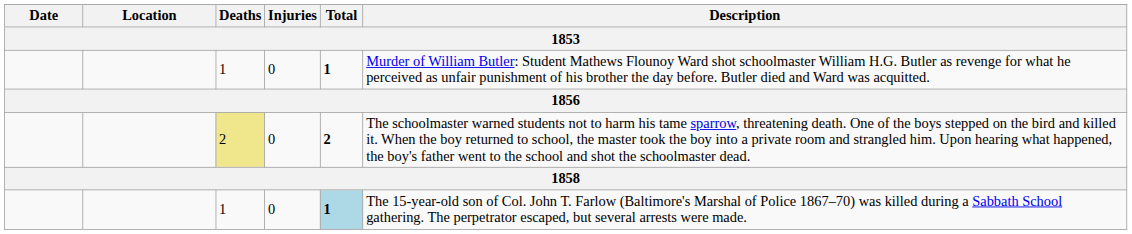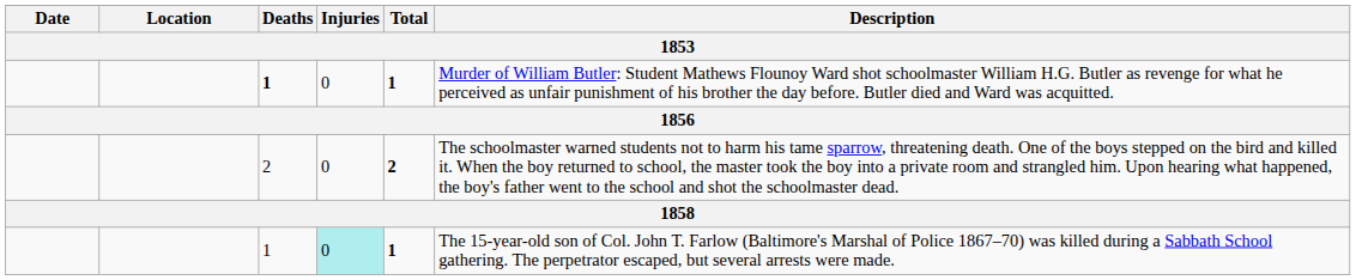 <table class="sortable wikitable" style="font-size:100%;" id="1850s">
 <tr>
 </tr>
 <tr>
 <th style="width:80px;">Date</th>
 <th style="width:140px;">Location</th>
 <th style="width:40px;">Deaths</th>
 <th style="width:40px;">Injuries</th>
 <th style="width:40px;">Total</th>
 <th class="unsortable">Description</th>
 </tr>
 <tr>
 <th colspan="6">1853 </th>
 </tr>
 <tr>
 <td></td>
 <td></td>
-<td>1</td>
+<td><strong>1</strong></td>
 <td>0</td>
 <td><strong>1</strong></td>
 <td><a href='#'>Murder of William Butler</a>: Student Mathews Flounoy Ward shot schoolmaster William H.G. Butler as revenge for what he perceived as unfair punishment of his brother the day before. Butler died and Ward was acquitted.</td>
 </tr>
 <tr>
 <th colspan="6">1856 </th>
 </tr>
 <tr>
 <td></td>
 <td></td>
-<td style="background: khaki;">2</td>
+<td>2</td>
 <td>0</td>
 <td><strong>2</strong></td>
 <td>The schoolmaster warned students not to harm his tame <a href='#'>sparrow</a>, threatening death. One of the boys stepped on the bird and killed it. When the boy returned to school, the master took the boy into a private room and strangled him. Upon hearing what happened, the boy's father went to the school and shot the schoolmaster dead.</td>
 </tr>
 <tr>
 <th colspan="6">1858 </th>
 </tr>
 <tr>
 <td></td>
 <td></td>
 <td>1</td>
-<td>0</td>
-<td style="background: lightblue;"><strong>1</strong></td>
+<td style="background: paleturquoise;">0</td>
+<td><strong>1</strong></td>
 <td>The 15-year-old son of Col. John T. Farlow (Baltimore's Marshal of Police 1867–70) was killed during a <a href='#'>Sabbath School</a> gathering. The perpetrator escaped, but several arrests were made.</td>
 </tr>
 </table>
